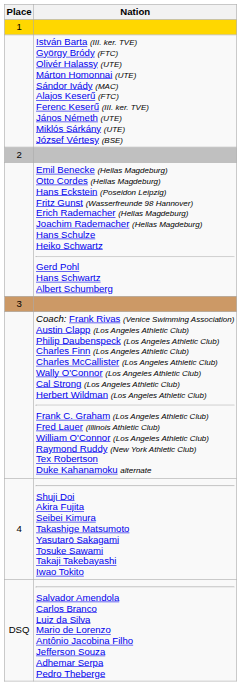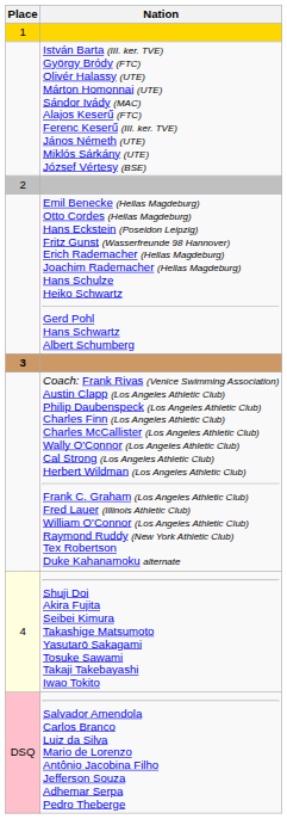 <table class="wikitable">
 <tr>
 <th>Place</th>
 <th>Nation</th>
 </tr>
 <tr align=center bgcolor=gold>
 <td>1</td>
 <td align=left></td>
 </tr>
 <tr>
 <td></td>
 <td align=left><a href='#'>István Barta</a> <small><em>(III. ker. TVE)</em></small><br><a href='#'>György Bródy</a> <small><em>(FTC)</em></small><br><a href='#'>Olivér Halassy</a> <small><em>(UTE)</em></small><br><a href='#'>Márton Homonnai</a> <small><em>(UTE)</em></small><br><a href='#'>Sándor Ivády</a> <small><em>(MAC)</em></small><br><a href='#'>Alajos Keserű</a> <small><em>(FTC)</em></small><br><a href='#'>Ferenc Keserű</a> <small><em>(III. ker. TVE)</em></small><br><a href='#'>János Németh</a> <small><em>(UTE)</em></small><br><a href='#'>Miklós Sárkány</a> <small><em>(UTE)</em></small><br><a href='#'>József Vértesy</a> <small><em>(BSE)</em></small><br></td>
 </tr>
 <tr align=center bgcolor=silver>
 <td>2</td>
 <td align=left></td>
 </tr>
 <tr>
 <td></td>
 <td align=left><a href='#'>Emil Benecke</a> <small><em>(Hellas Magdeburg)</em></small><br><a href='#'>Otto Cordes</a> <small><em>(Hellas Magdeburg)</em></small><br><a href='#'>Hans Eckstein</a> <small><em>(Poseidon Leipzig)</em></small><br><a href='#'>Fritz Gunst</a> <small><em>(Wasserfreunde 98 Hannover)</em></small><br><a href='#'>Erich Rademacher</a> <small><em>(Hellas Magdeburg)</em></small><br><a href='#'>Joachim Rademacher</a> <small><em>(Hellas Magdeburg)</em></small><br><a href='#'>Hans Schulze</a><br><a href='#'>Heiko Schwartz</a><hr><a href='#'>Gerd Pohl</a><br><a href='#'>Hans Schwartz</a><br><a href='#'>Albert Schumberg</a></td>
 </tr>
 <tr align=center bgcolor=cc9966>
-<td>3</td>
+<td><strong>3</strong></td>
 <td align=left></td>
 </tr>
 <tr>
 <td></td>
 <td align=left><em>Coach:</em> <a href='#'>Frank Rivas</a> <small><em>(Venice Swimming Association)</em></small><br><a href='#'>Austin Clapp</a> <small><em>(Los Angeles Athletic Club)</em></small><br><a href='#'>Philip Daubenspeck</a> <small><em>(Los Angeles Athletic Club)</em></small><br><a href='#'>Charles Finn</a> <small><em>(Los Angeles Athletic Club)</em></small><br><a href='#'>Charles McCallister</a> <small><em>(Los Angeles Athletic Club)</em></small><br><a href='#'>Wally O'Connor</a> <small><em>(Los Angeles Athletic Club)</em></small><br><a href='#'>Cal Strong</a> <small><em>(Los Angeles Athletic Club)</em></small><br><a href='#'>Herbert Wildman</a> <small><em>(Los Angeles Athletic Club)</em></small><hr><a href='#'>Frank C. Graham</a> <small><em>(Los Angeles Athletic Club)</em></small><br><a href='#'>Fred Lauer</a> <small><em>(Illinois Athletic Club)</em></small><br><a href='#'>William O'Connor</a> <small><em>(Los Angeles Athletic Club)</em></small><br><a href='#'>Raymond Ruddy</a> <small><em>(New York Athletic Club)</em></small><br><a href='#'>Tex Robertson</a><br><a href='#'>Duke Kahanamoku</a> <small><em>alternate</em></small></td>
 </tr>
 <tr align=center>
-<td>4</td>
+<td style="background: lightyellow;">4</td>
 <td align=left><hr><a href='#'>Shuji Doi</a><br><a href='#'>Akira Fujita</a><br><a href='#'>Seibei Kimura</a><br><a href='#'>Takashige Matsumoto</a><br><a href='#'>Yasutarō Sakagami</a><br><a href='#'>Tosuke Sawami</a><br><a href='#'>Takaji Takebayashi</a><br><a href='#'>Iwao Tokito</a></td>
 </tr>
 <tr align=center>
-<td>DSQ</td>
+<td style="background: pink;">DSQ</td>
 <td align=left><hr><a href='#'>Salvador Amendola</a><br><a href='#'>Carlos Branco</a><br><a href='#'>Luiz da Silva</a><br><a href='#'>Mario de Lorenzo</a><br><a href='#'>Antônio Jacobina Filho</a><br><a href='#'>Jefferson Souza</a><br><a href='#'>Adhemar Serpa</a><br><a href='#'>Pedro Theberge</a></td>
 </tr>
 </table>
